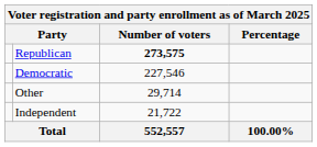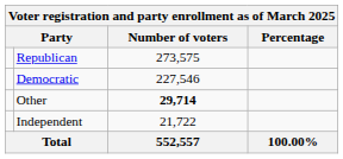 <table class="wikitable">
 <tr>
 <th colspan="6">Voter registration and party enrollment as of March 2025</th>
 </tr>
 <tr>
 <th colspan="2">Party</th>
 <th>Number of voters</th>
 <th>Percentage</th>
 </tr>
 <tr>
 <td></td>
 <td><a href='#'>Republican</a></td>
-<td style="text-align:center;"><strong>273,575</strong></td>
+<td style="text-align:center;">273,575</td>
 <td style="text-align:center;"></td>
 </tr>
 <tr>
 <td></td>
 <td><a href='#'>Democratic</a></td>
 <td style="text-align:center;">227,546</td>
 <td style="text-align:center;"></td>
 </tr>
 <tr>
 <td></td>
 <td>Other</td>
-<td style="text-align:center;">29,714</td>
+<td style="text-align:center;"><strong>29,714</strong></td>
 <td style="text-align:center;"></td>
 </tr>
 <tr>
 <td></td>
 <td>Independent</td>
 <td style="text-align:center;">21,722</td>
 <td style="text-align:center;"></td>
 </tr>
 <tr>
 <th colspan="2">Total</th>
 <th style="text-align:center;">552,557</th>
 <th style="text-align:center;">100.00%</th>
 </tr>
 </table>
